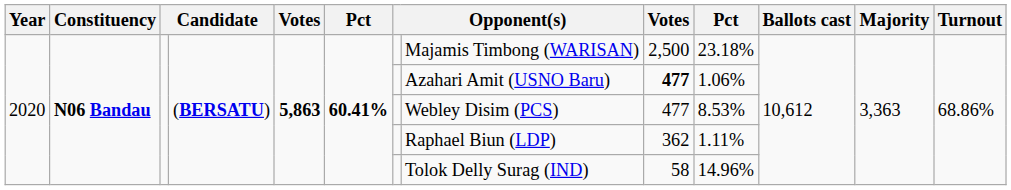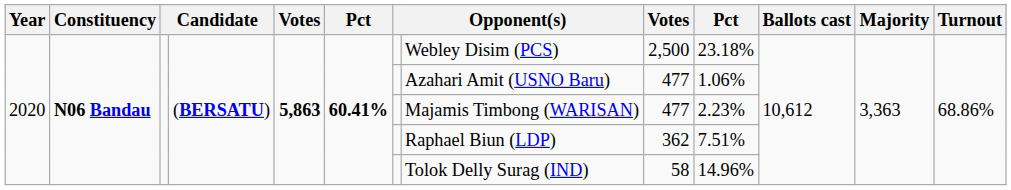 <table class="wikitable" style="margin:0.5em ; font-size:95%">
 <tr>
 <th>Year</th>
 <th>Constituency</th>
 <th colspan=2>Candidate</th>
 <th>Votes</th>
 <th>Pct</th>
 <th colspan=2>Opponent(s)</th>
 <th>Votes</th>
 <th>Pct</th>
 <th>Ballots cast</th>
 <th>Majority</th>
 <th>Turnout</th>
 </tr>
 <tr>
 <td rowspan=5>2020</td>
 <td rowspan=5><strong>N06 <a href='#'>Bandau</a></strong></td>
 <td rowspan=5 bgcolor=></td>
 <td rowspan=5> (<a href='#'><strong>BERSATU</strong></a>)</td>
 <td rowspan=5 align="right"><strong>5,863</strong></td>
 <td rowspan=5><strong>60.41%</strong></td>
 <td></td>
-<td>Majamis Timbong (<a href='#'>WARISAN</a>)</td>
+<td>Webley Disim (<a href='#'>PCS</a>)</td>
 <td align="right">2,500</td>
 <td>23.18%</td>
 <td rowspan=5>10,612</td>
 <td rowspan=5>3,363</td>
 <td rowspan=5>68.86%</td>
 </tr>
 <tr>
 <td bgcolor=></td>
 <td>Azahari Amit (<a href='#'>USNO Baru</a>)</td>
-<td align="right"><strong>477</strong></td>
+<td align="right">477</td>
 <td>1.06%</td>
 </tr>
 <tr>
 <td></td>
-<td>Webley Disim (<a href='#'>PCS</a>)</td>
+<td>Majamis Timbong (<a href='#'>WARISAN</a>)</td>
 <td align="right">477</td>
-<td>8.53%</td>
+<td>2.23%</td>
 </tr>
 <tr>
 <td></td>
 <td>Raphael Biun (<a href='#'>LDP</a>)</td>
 <td align="right">362</td>
-<td>1.11%</td>
+<td>7.51%</td>
 </tr>
 <tr>
 <td></td>
 <td>Tolok Delly Surag (<a href='#'>IND</a>)</td>
 <td align="right">58</td>
 <td>14.96%</td>
 </tr>
 </table>
